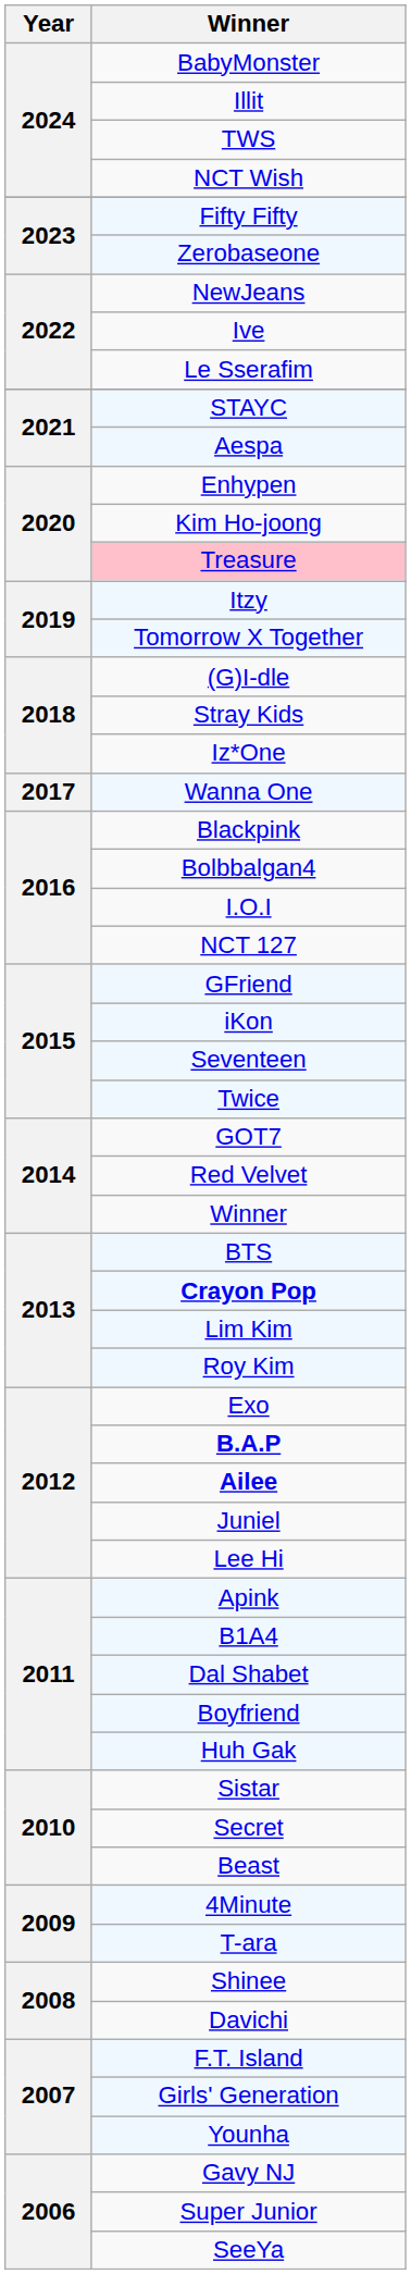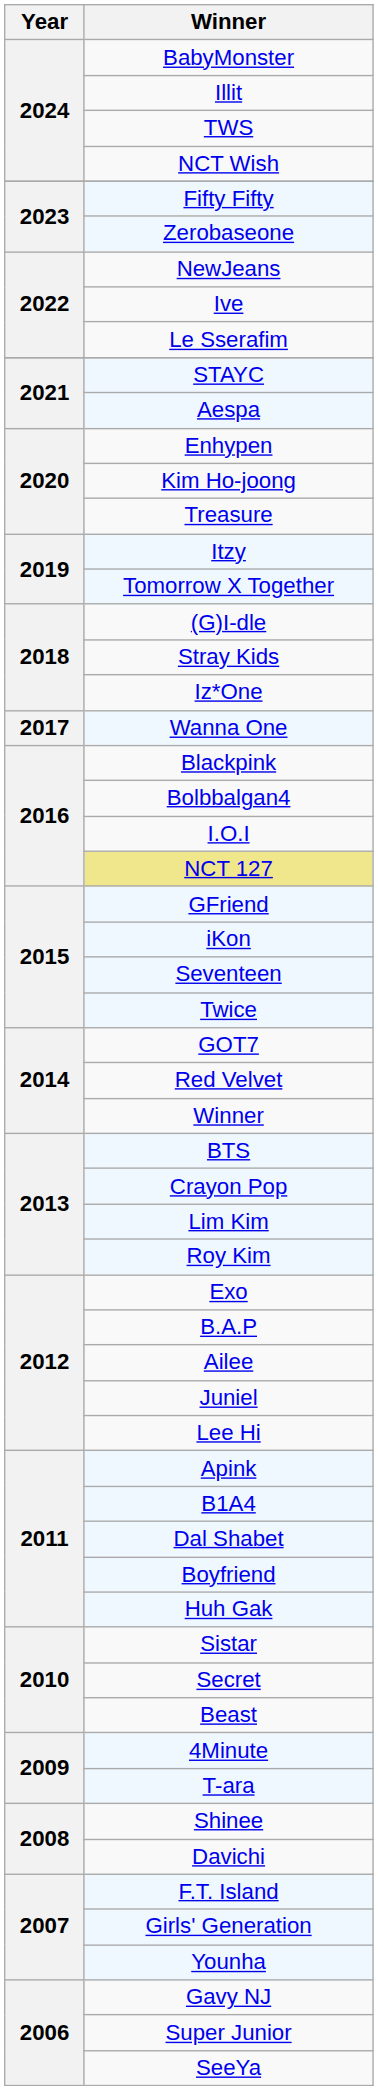 <table class="wikitable plainrowheaders" style="text-align: center">
 <tr>
 <th scope="col" width="50">Year</th>
 <th scope="col" width="200">Winner</th>
 </tr>
 <tr>
 <th scope="row" style="text-align:center;" rowspan="4">2024</th>
 <td><a href='#'>BabyMonster</a></td>
 </tr>
 <tr>
 <td><a href='#'>Illit</a></td>
 </tr>
 <tr>
 <td><a href='#'>TWS</a></td>
 </tr>
 <tr>
 <td><a href='#'>NCT Wish</a></td>
 </tr>
 <tr>
 </tr>
 <tr style="background:#F0F8FF">
 <th scope="row" style="text-align:center;" rowspan="2">2023</th>
 <td><a href='#'>Fifty Fifty</a></td>
 </tr>
 <tr style="background:#F0F8FF">
 <td><a href='#'>Zerobaseone</a></td>
 </tr>
 <tr>
 <th scope="row" style="text-align:center;" rowspan="3">2022</th>
 <td><a href='#'>NewJeans</a></td>
 </tr>
 <tr>
 <td><a href='#'>Ive</a></td>
 </tr>
 <tr>
 <td><a href='#'>Le Sserafim</a></td>
 </tr>
 <tr>
 </tr>
 <tr style="background:#F0F8FF">
 <th scope="row" style="text-align:center;" rowspan="2">2021</th>
 <td><a href='#'>STAYC</a></td>
 </tr>
 <tr style="background:#F0F8FF">
 <td><a href='#'>Aespa</a></td>
 </tr>
 <tr>
 <th scope="row" style="text-align:center;" rowspan="3">2020</th>
 <td><a href='#'>Enhypen</a></td>
 </tr>
 <tr>
 <td><a href='#'>Kim Ho-joong</a></td>
 </tr>
 <tr>
-<td style="background: pink;"><a href='#'>Treasure</a></td>
+<td><a href='#'>Treasure</a></td>
 </tr>
 <tr style="background:#F0F8FF">
 <th scope="row" style="text-align:center;" rowspan="2">2019</th>
 <td><a href='#'>Itzy</a></td>
 </tr>
 <tr style="background:#F0F8FF">
 <td><a href='#'>Tomorrow X Together</a></td>
 </tr>
 <tr>
 <th scope="row" style="text-align:center;" rowspan="3">2018</th>
 <td><a href='#'>(G)I-dle</a></td>
 </tr>
 <tr>
 <td><a href='#'>Stray Kids</a></td>
 </tr>
 <tr>
 <td><a href='#'>Iz*One</a></td>
 </tr>
 <tr style="background:#F0F8FF">
 <th scope="row" style="text-align:center;">2017</th>
 <td><a href='#'>Wanna One</a></td>
 </tr>
 <tr>
 <th scope="row" style="text-align:center;" rowspan="4">2016</th>
 <td><a href='#'>Blackpink</a></td>
 </tr>
 <tr>
 <td><a href='#'>Bolbbalgan4</a></td>
 </tr>
 <tr>
 <td><a href='#'>I.O.I</a></td>
 </tr>
 <tr>
-<td><a href='#'>NCT 127</a></td>
+<td style="background: khaki;"><a href='#'>NCT 127</a></td>
 </tr>
 <tr style="background:#F0F8FF">
 <th scope="row" style="text-align:center;" rowspan="4">2015</th>
 <td><a href='#'>GFriend</a></td>
 </tr>
 <tr style="background:#F0F8FF">
 <td><a href='#'>iKon</a></td>
 </tr>
 <tr style="background:#F0F8FF">
 <td><a href='#'>Seventeen</a></td>
 </tr>
 <tr style="background:#F0F8FF">
 <td><a href='#'>Twice</a></td>
 </tr>
 <tr>
 <th scope="row" style="text-align:center;" rowspan="3">2014</th>
 <td><a href='#'>GOT7</a></td>
 </tr>
 <tr>
 <td><a href='#'>Red Velvet</a></td>
 </tr>
 <tr>
 <td><a href='#'>Winner</a></td>
 </tr>
 <tr style="background:#F0F8FF">
 <th scope="row" style="text-align:center;" rowspan="4">2013</th>
 <td><a href='#'>BTS</a></td>
 </tr>
 <tr style="background:#F0F8FF">
-<td><strong><a href='#'>Crayon Pop</a></strong></td>
+<td><a href='#'>Crayon Pop</a></td>
 </tr>
 <tr style="background:#F0F8FF">
 <td><a href='#'>Lim Kim</a></td>
 </tr>
 <tr style="background:#F0F8FF">
 <td><a href='#'>Roy Kim</a></td>
 </tr>
 <tr>
 <th scope="row" style="text-align:center;" rowspan="5">2012</th>
 <td><a href='#'>Exo</a></td>
 </tr>
 <tr>
-<td><strong><a href='#'>B.A.P</a></strong></td>
+<td><a href='#'>B.A.P</a></td>
 </tr>
 <tr>
-<td><strong><a href='#'>Ailee</a></strong></td>
+<td><a href='#'>Ailee</a></td>
 </tr>
 <tr>
 <td><a href='#'>Juniel</a></td>
 </tr>
 <tr>
 <td><a href='#'>Lee Hi</a></td>
 </tr>
 <tr style="background:#F0F8FF">
 <th scope="row" style="text-align:center;" rowspan="5">2011</th>
 <td><a href='#'>Apink</a></td>
 </tr>
 <tr style="background:#F0F8FF">
 <td><a href='#'>B1A4</a></td>
 </tr>
 <tr style="background:#F0F8FF">
 <td><a href='#'>Dal Shabet</a></td>
 </tr>
 <tr style="background:#F0F8FF">
 <td><a href='#'>Boyfriend</a></td>
 </tr>
 <tr style="background:#F0F8FF">
 <td><a href='#'>Huh Gak</a></td>
 </tr>
 <tr>
 <th scope="row" style="text-align:center;" rowspan="3">2010</th>
 <td><a href='#'>Sistar</a></td>
 </tr>
 <tr>
 <td><a href='#'>Secret</a></td>
 </tr>
 <tr>
 <td><a href='#'>Beast</a></td>
 </tr>
 <tr style="background:#F0F8FF">
 <th scope="row" style="text-align:center;" rowspan="2">2009</th>
 <td><a href='#'>4Minute</a></td>
 </tr>
 <tr style="background:#F0F8FF">
 <td><a href='#'>T-ara</a></td>
 </tr>
 <tr>
 <th scope="row" style="text-align:center;" rowspan="2">2008</th>
 <td><a href='#'>Shinee</a></td>
 </tr>
 <tr>
 <td><a href='#'>Davichi</a></td>
 </tr>
 <tr style="background:#F0F8FF">
 <th scope="row" style="text-align:center;" rowspan="3">2007</th>
 <td><a href='#'>F.T. Island</a></td>
 </tr>
 <tr style="background:#F0F8FF">
 <td><a href='#'>Girls' Generation</a></td>
 </tr>
 <tr style="background:#F0F8FF">
 <td><a href='#'>Younha</a></td>
 </tr>
 <tr>
 <th scope="row" style="text-align:center;" rowspan="3">2006</th>
 <td><a href='#'>Gavy NJ</a></td>
 </tr>
 <tr>
 <td><a href='#'>Super Junior</a></td>
 </tr>
 <tr>
 <td><a href='#'>SeeYa</a></td>
 </tr>
 </table>
